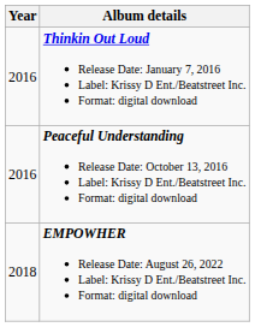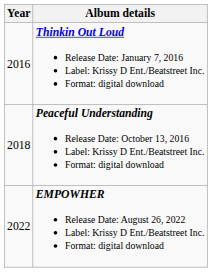 <table class="wikitable" style="text-align:center;">
 <tr>
 <th>Year</th>
 <th>Album details</th>
 </tr>
 <tr>
 <td>2016</td>
 <td style="text-align:left;"><strong><em><a href='#'>Thinkin Out Loud</a></em></strong><br><ul><li><small>Release Date: January 7, 2016</small></li><li><small>Label: Krissy D Ent./Beatstreet Inc.</small></li><li><small>Format: digital download</small></li></ul></td>
 </tr>
 <tr>
-<td>2016</td>
+<td>2018</td>
 <td style="text-align:left"><strong><em>Peaceful Understanding</em></strong><br><ul><li><small>Release Date: October 13, 2016</small></li><li><small>Label: Krissy D Ent./Beatstreet Inc.</small></li><li><small>Format: digital download</small></li></ul></td>
 </tr>
 <tr>
-<td>2018</td>
+<td>2022</td>
 <td style="text-align:left"><strong><em>EMPOWHER</em></strong><br><ul><li><small>Release Date: August 26, 2022</small></li><li><small>Label: Krissy D Ent./Beatstreet Inc.</small></li><li><small>Format: digital download</small></li></ul></td>
 </tr>
 </table>
